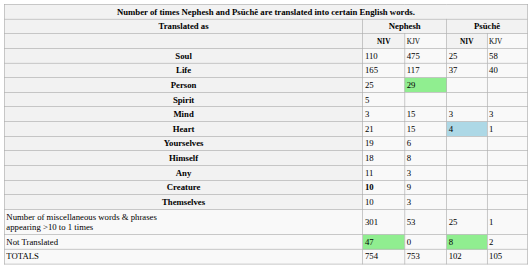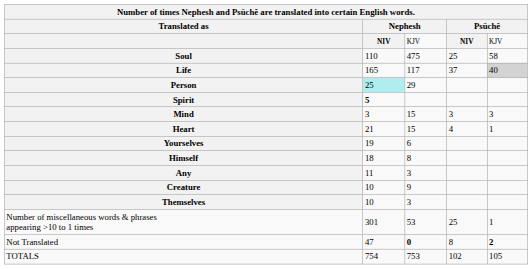 <table class="wikitable collapsible collapsed" style="min-width:60em; font-size:88%">
 <tr>
 <th colspan=5>Number of times Nephesh and Psūchê are translated into certain English words.</th>
 </tr>
 <tr>
 <th>Translated as</th>
 <th colspan=2>Nephesh</th>
 <th colspan=2>Psūchê</th>
 </tr>
 <tr>
 <th colspan=1></th>
 <th><small>NIV</small></th>
 <td><small>KJV</small></td>
 <th><small>NIV</small></th>
 <td><small>KJV</small></td>
 </tr>
 <tr>
 <th>Soul</th>
 <td>110</td>
 <td>475</td>
 <td>25</td>
 <td>58</td>
 </tr>
 <tr>
 <th>Life</th>
 <td>165</td>
 <td>117</td>
 <td>37</td>
-<td>40</td>
+<td style="background: lightgrey;">40</td>
 </tr>
 <tr>
 <th>Person</th>
-<td>25</td>
-<td style="background: lightgreen;">29</td>
+<td style="background: paleturquoise;">25</td>
+<td>29</td>
 <td></td>
 <td></td>
 </tr>
 <tr>
 <th>Spirit</th>
-<td>5</td>
+<td><strong>5</strong></td>
 <td></td>
 <td></td>
 <td></td>
 </tr>
 <tr>
 <th>Mind</th>
 <td>3</td>
 <td>15</td>
 <td>3</td>
 <td>3</td>
 </tr>
 <tr>
 <th>Heart</th>
 <td>21</td>
 <td>15</td>
-<td style="background: lightblue;">4</td>
+<td>4</td>
 <td>1</td>
 </tr>
 <tr>
 <th>Yourselves</th>
 <td>19</td>
 <td>6</td>
 <td></td>
 <td></td>
 </tr>
 <tr>
 <th>Himself</th>
 <td>18</td>
 <td>8</td>
 <td></td>
 <td></td>
 </tr>
 <tr>
 <th>Any</th>
 <td>11</td>
 <td>3</td>
 <td></td>
 <td></td>
 </tr>
 <tr>
 <th>Creature</th>
-<td><strong>10</strong></td>
+<td>10</td>
 <td>9</td>
 <td></td>
 <td></td>
 </tr>
 <tr>
 <th>Themselves</th>
 <td>10</td>
 <td>3</td>
 <td></td>
 <td></td>
 </tr>
 <tr>
 <td>Number of miscellaneous words & phrases<br>appearing >10 to 1 times</td>
 <td>301</td>
 <td>53</td>
 <td>25</td>
 <td>1</td>
 </tr>
 <tr>
 <td>Not Translated</td>
-<td style="background: lightgreen;">47</td>
-<td>0</td>
-<td style="background: lightgreen;">8</td>
-<td>2</td>
+<td>47</td>
+<td><strong>0</strong></td>
+<td>8</td>
+<td><strong>2</strong></td>
 </tr>
 <tr>
 <td>TOTALS</td>
 <td>754</td>
 <td>753</td>
 <td>102</td>
 <td>105</td>
 </tr>
 </table>
